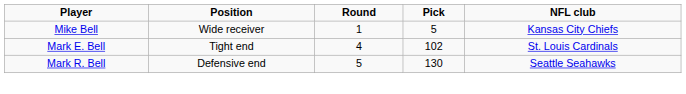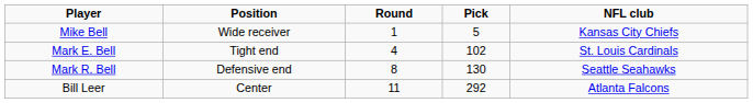 <table class="wikitable" width="80%">
 <tr align="center">
 <td><strong>Player</strong></td>
 <td><strong>Position</strong></td>
 <td><strong>Round</strong></td>
 <td><strong>Pick</strong></td>
 <td><strong>NFL club</strong></td>
 </tr>
 <tr align="center" bgcolor="">
 <td><a href='#'>Mike Bell</a></td>
 <td>Wide receiver</td>
 <td>1</td>
 <td>5</td>
 <td><a href='#'>Kansas City Chiefs</a></td>
 </tr>
 <tr align="center" bgcolor="">
 <td><a href='#'>Mark E. Bell</a></td>
 <td>Tight end</td>
 <td>4</td>
 <td>102</td>
 <td><a href='#'>St. Louis Cardinals</a></td>
 </tr>
 <tr align="center" bgcolor="">
 <td><a href='#'>Mark R. Bell</a></td>
 <td>Defensive end</td>
-<td>5</td>
+<td>8</td>
 <td>130</td>
 <td><a href='#'>Seattle Seahawks</a></td>
 </tr>
+<tr align="center" bgcolor="">
+<td>Bill Leer</td>
+<td>Center</td>
+<td>11</td>
+<td>292</td>
+<td><a href='#'>Atlanta Falcons</a></td>
+</tr>
 </table>
